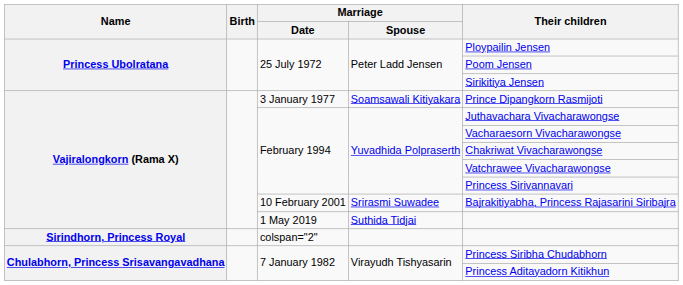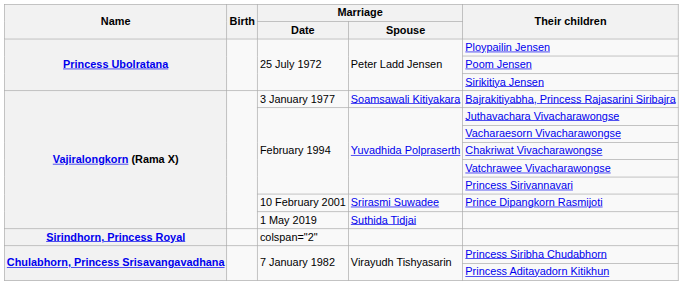 <table class="wikitable plainrowheaders">
 <tr>
 <th rowspan="2" scope="col">Name</th>
 <th rowspan="2" scope="col">Birth</th>
 <th colspan="2" scope="col">Marriage</th>
 <th rowspan="2" scope="col">Their children</th>
 </tr>
 <tr>
 <th scope="col">Date</th>
 <th scope="col">Spouse</th>
 </tr>
 <tr>
 <th rowspan="3" scope="row"><a href='#'>Princess Ubolratana</a></th>
 <td rowspan="3"></td>
 <td rowspan="3">25 July 1972<br></td>
 <td rowspan="3">Peter Ladd Jensen</td>
 <td><a href='#'>Ploypailin Jensen</a></td>
 </tr>
 <tr>
 <td><a href='#'>Poom Jensen</a></td>
 </tr>
 <tr>
 <td><a href='#'>Sirikitiya Jensen</a></td>
 </tr>
 <tr>
 <th rowspan="8" scope="row"><a href='#'>Vajiralongkorn</a> (Rama X)</th>
 <td rowspan="8"></td>
 <td>3 January 1977<br></td>
 <td><a href='#'>Soamsawali Kitiyakara</a></td>
-<td><a href='#'>Prince Dipangkorn Rasmijoti</a></td>
+<td><a href='#'>Bajrakitiyabha, Princess Rajasarini Siribajra</a></td>
 </tr>
 <tr>
 <td rowspan="5">February 1994<br></td>
 <td rowspan="5"><a href='#'>Yuvadhida Polpraserth</a></td>
 <td><a href='#'>Juthavachara Vivacharawongse</a></td>
 </tr>
 <tr>
 <td><a href='#'>Vacharaesorn Vivacharawongse</a></td>
 </tr>
 <tr>
 <td><a href='#'>Chakriwat Vivacharawongse</a></td>
 </tr>
 <tr>
 <td><a href='#'>Vatchrawee Vivacharawongse</a></td>
 </tr>
 <tr>
 <td><a href='#'>Princess Sirivannavari</a></td>
 </tr>
 <tr>
 <td>10 February 2001<br></td>
 <td><a href='#'>Srirasmi Suwadee</a></td>
-<td><a href='#'>Bajrakitiyabha, Princess Rajasarini Siribajra</a></td>
+<td><a href='#'>Prince Dipangkorn Rasmijoti</a></td>
 </tr>
 <tr>
 <td>1 May 2019</td>
 <td><a href='#'>Suthida Tidjai</a></td>
 <td></td>
 </tr>
 <tr>
 <th scope="row"><a href='#'>Sirindhorn, Princess Royal</a></th>
 <td></td>
 <td>colspan="2" </td>
 <td></td>
 </tr>
 <tr>
 <th rowspan="2" scope="row"><a href='#'>Chulabhorn, Princess Srisavangavadhana</a></th>
 <td rowspan="2"></td>
 <td rowspan="2">7 January 1982<br></td>
 <td rowspan="2">Virayudh Tishyasarin</td>
 <td><a href='#'>Princess Siribha Chudabhorn</a></td>
 </tr>
 <tr>
 <td><a href='#'>Princess Aditayadorn Kitikhun</a></td>
 </tr>
 </table>
